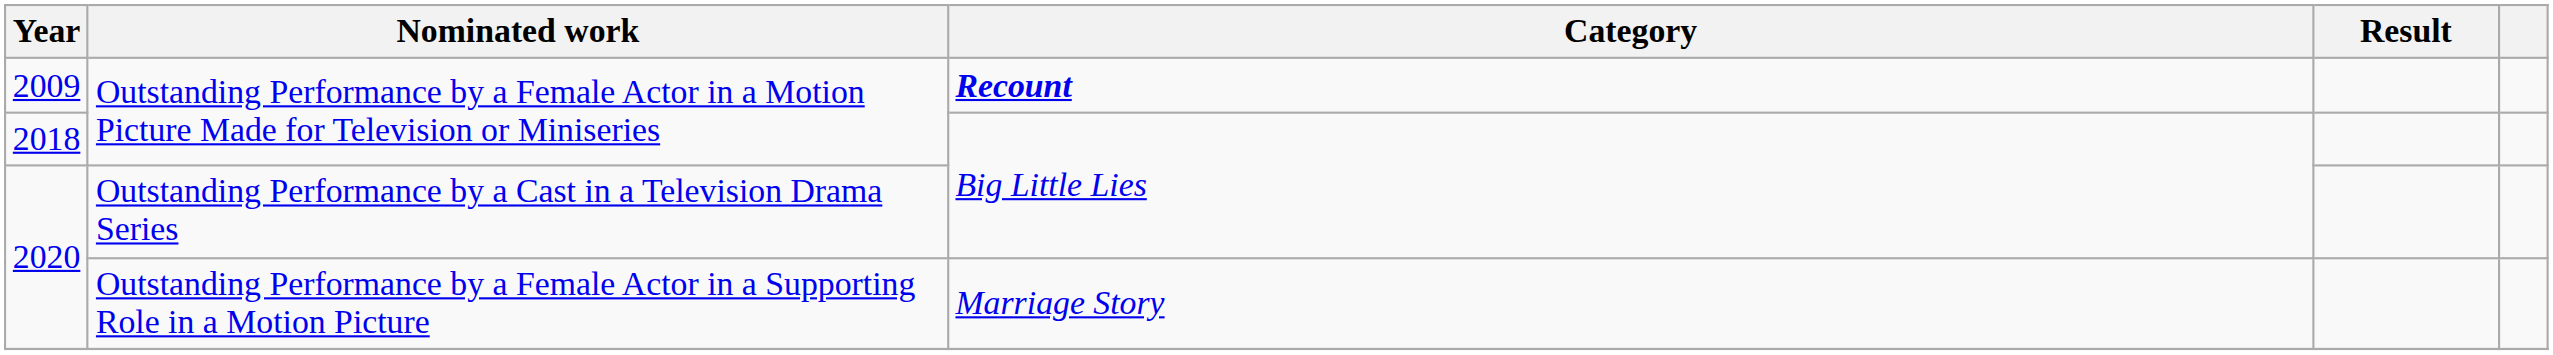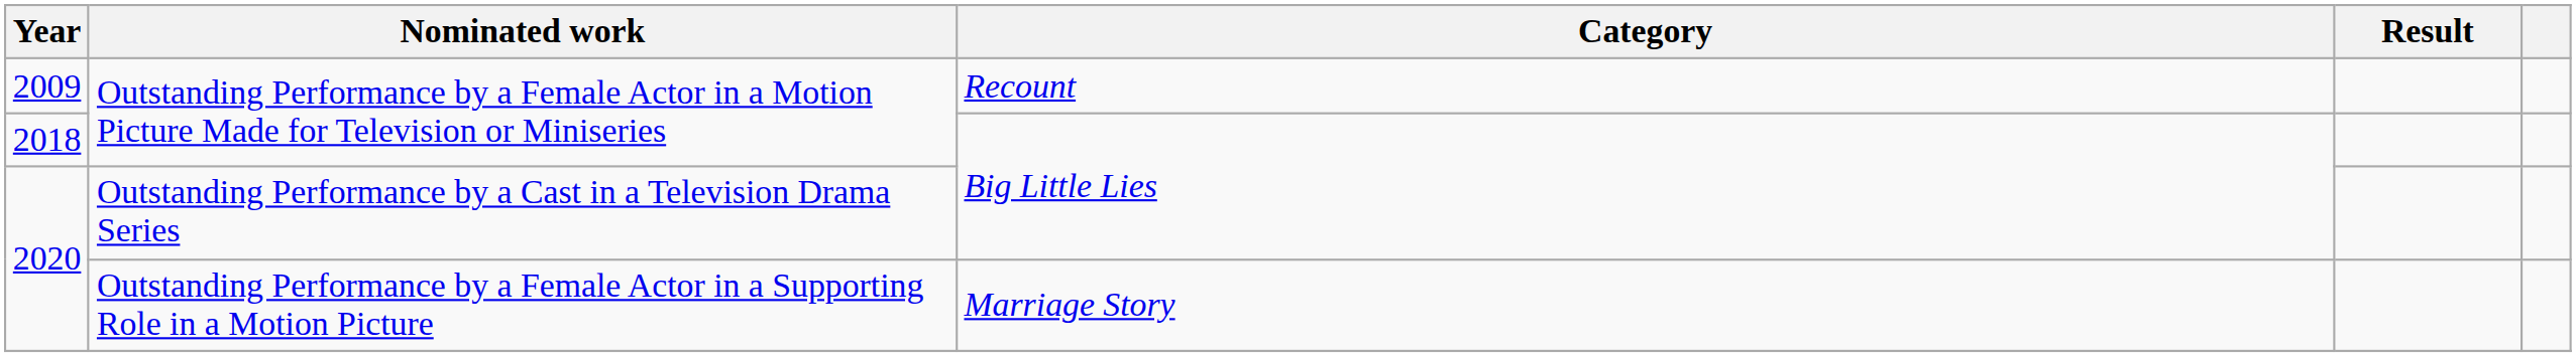 <table class=wikitable>
 <tr>
 <th scope="col" style="width:1em;">Year</th>
 <th scope="col" style="width:25em;">Nominated work</th>
 <th scope="col" style="width:40em;">Category</th>
 <th scope="col" style="width:5em;">Result</th>
 <th scope="col" style="width:1em;"class="unsortable"></th>
 </tr>
 <tr>
 <td><a href='#'>2009</a></td>
 <td rowspan=2><a href='#'>Outstanding Performance by a Female Actor in a Motion Picture Made for Television or Miniseries</a></td>
-<td><strong><em><a href='#'>Recount</a></em></strong></td>
+<td><em><a href='#'>Recount</a></em></td>
 <td></td>
 <td></td>
 </tr>
 <tr>
 <td><a href='#'>2018</a></td>
 <td rowspan="2"><em><a href='#'>Big Little Lies</a></em></td>
 <td></td>
 <td></td>
 </tr>
 <tr>
 <td rowspan=2><a href='#'>2020</a></td>
 <td><a href='#'>Outstanding Performance by a Cast in a Television Drama Series</a></td>
 <td></td>
 <td></td>
 </tr>
 <tr>
 <td><a href='#'>Outstanding Performance by a Female Actor in a Supporting Role in a Motion Picture</a></td>
 <td><em><a href='#'>Marriage Story</a></em></td>
 <td></td>
 <td style="text-align:center;"></td>
 </tr>
 <tr>
 </tr>
 </table>
